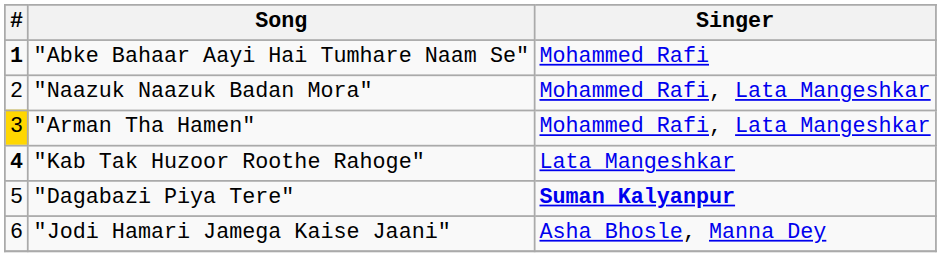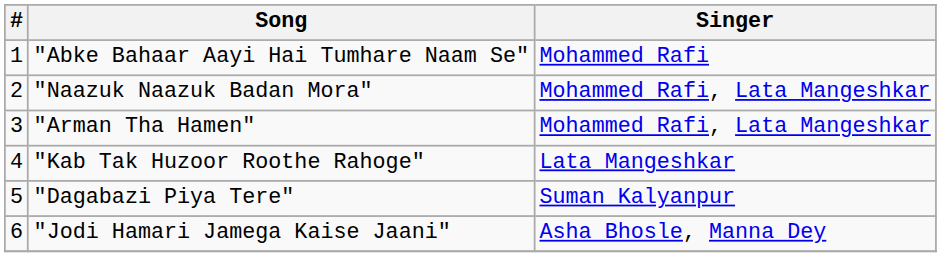 <table class="wikitable" style="font-size:95%;">
 <tr>
 <th>#</th>
 <th>Song</th>
 <th>Singer</th>
 </tr>
 <tr>
-<td><strong>1</strong></td>
+<td>1</td>
 <td>"Abke Bahaar Aayi Hai Tumhare Naam Se"</td>
 <td><a href='#'>Mohammed Rafi</a></td>
 </tr>
 <tr>
 <td>2</td>
 <td>"Naazuk Naazuk Badan Mora"</td>
 <td><a href='#'>Mohammed Rafi</a>, <a href='#'>Lata Mangeshkar</a></td>
 </tr>
 <tr>
-<td style="background: gold;">3</td>
+<td>3</td>
 <td>"Arman Tha Hamen"</td>
 <td><a href='#'>Mohammed Rafi</a>, <a href='#'>Lata Mangeshkar</a></td>
 </tr>
 <tr>
-<td><strong>4</strong></td>
+<td>4</td>
 <td>"Kab Tak Huzoor Roothe Rahoge"</td>
 <td><a href='#'>Lata Mangeshkar</a></td>
 </tr>
 <tr>
 <td>5</td>
 <td>"Dagabazi Piya Tere"</td>
-<td><strong><a href='#'>Suman Kalyanpur</a></strong></td>
+<td><a href='#'>Suman Kalyanpur</a></td>
 </tr>
 <tr>
 <td>6</td>
 <td>"Jodi Hamari Jamega Kaise Jaani"</td>
 <td><a href='#'>Asha Bhosle</a>, <a href='#'>Manna Dey</a></td>
 </tr>
 <tr>
 </tr>
 </table>
